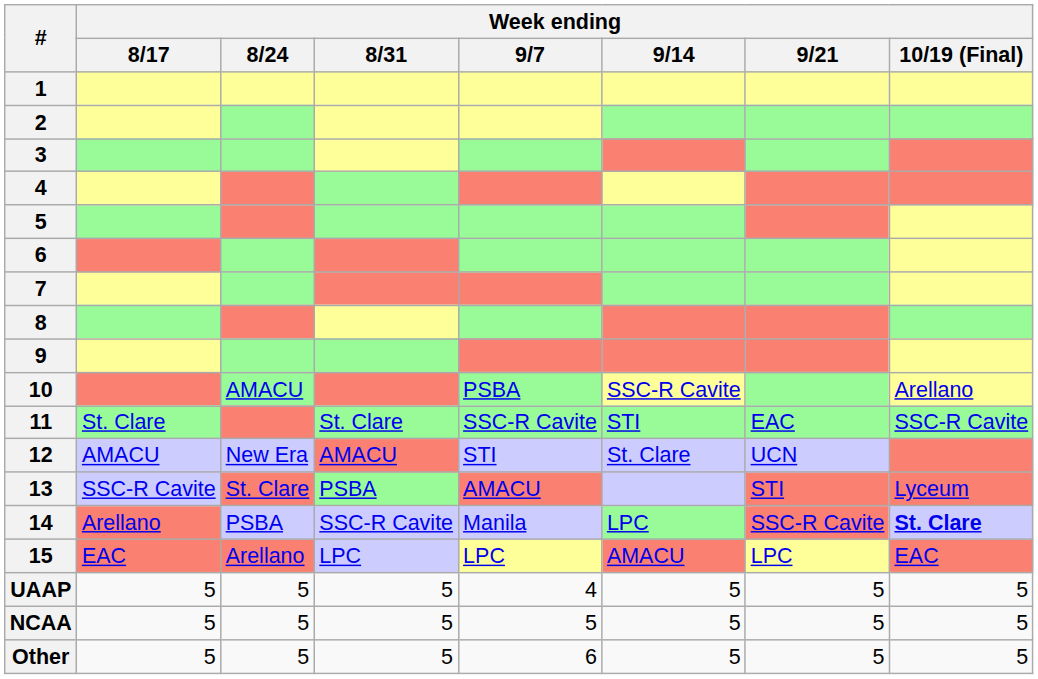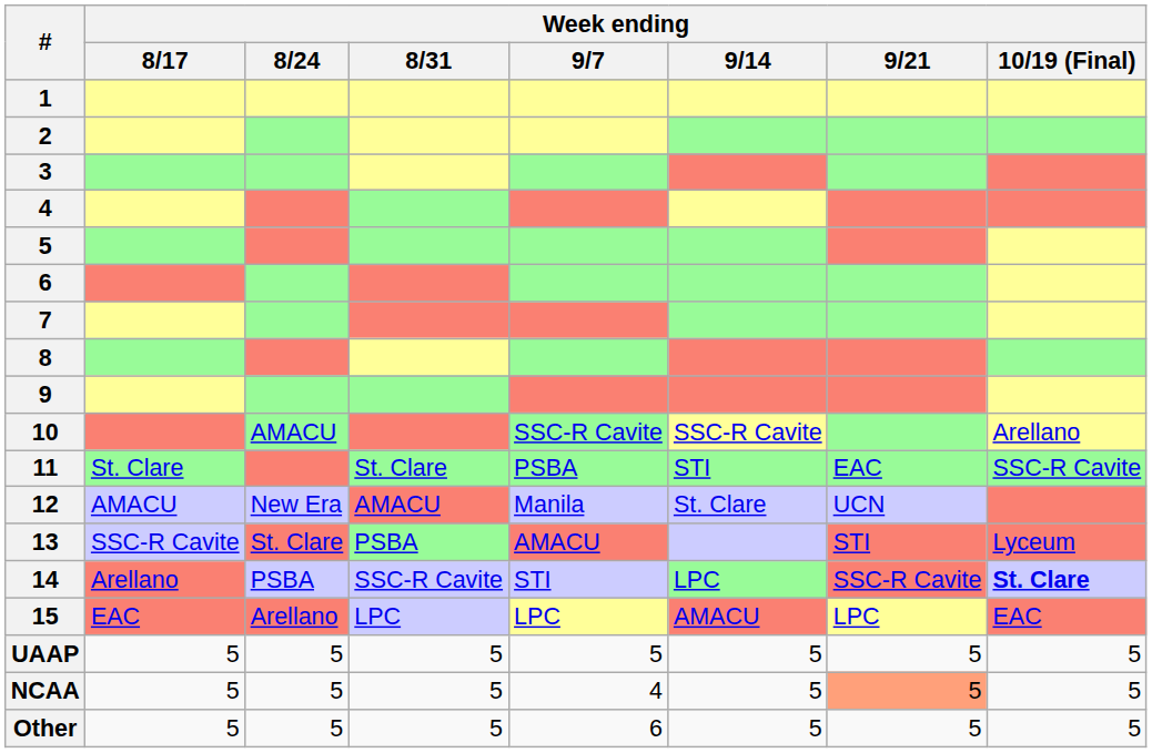 <table class=wikitable style="font-size:92%;">
 <tr>
 <th rowspan=2>#</th>
 <th colspan=8>Week ending</th>
 </tr>
 <tr>
 <th>8/17</th>
 <th>8/24</th>
 <th>8/31</th>
 <th>9/7</th>
 <th>9/14</th>
 <th>9/21</th>
 <th>10/19 (Final)</th>
 </tr>
 <tr>
 <th>1</th>
 <td bgcolor="#ffff99"></td>
 <td bgcolor="#ffff99"></td>
 <td bgcolor="#ffff99"></td>
 <td bgcolor="#ffff99"></td>
 <td bgcolor="#ffff99"></td>
 <td bgcolor="#ffff99"></td>
 <td bgcolor="#ffff99"></td>
 </tr>
 <tr>
 <th>2</th>
 <td bgcolor="#ffff99"></td>
 <td bgcolor="#98fb98"></td>
 <td bgcolor="#ffff99"></td>
 <td bgcolor="#ffff99"></td>
 <td bgcolor="#98fb98"></td>
 <td bgcolor="#98fb98"></td>
 <td bgcolor="#98fb98"></td>
 </tr>
 <tr>
 <th>3</th>
 <td bgcolor="#98fb98"></td>
 <td bgcolor="#98fb98"></td>
 <td bgcolor="#ffff99"></td>
 <td bgcolor="#98fb98"></td>
 <td bgcolor="#fa8072"></td>
 <td bgcolor="#98fb98"></td>
 <td bgcolor="#fa8072"></td>
 </tr>
 <tr>
 <th>4</th>
 <td bgcolor="#ffff99"></td>
 <td bgcolor="#fa8072"></td>
 <td bgcolor="#98fb98"></td>
 <td bgcolor="#fa8072"></td>
 <td bgcolor="#ffff99"></td>
 <td bgcolor="#fa8072"></td>
 <td bgcolor="#fa8072"></td>
 </tr>
 <tr>
 <th>5</th>
 <td bgcolor="#98fb98"></td>
 <td bgcolor="#fa8072"></td>
 <td bgcolor="#98fb98"></td>
 <td bgcolor="#98fb98"></td>
 <td bgcolor="#98fb98"></td>
 <td bgcolor="#fa8072"></td>
 <td bgcolor="#ffff99"></td>
 </tr>
 <tr>
 <th>6</th>
 <td bgcolor="#fa8072"></td>
 <td bgcolor="#98fb98"></td>
 <td bgcolor="#fa8072"></td>
 <td bgcolor="#98fb98"></td>
 <td bgcolor="#98fb98"></td>
 <td bgcolor="#98fb98"></td>
 <td bgcolor="#ffff99"></td>
 </tr>
 <tr>
 <th>7</th>
 <td bgcolor="#ffff99"></td>
 <td bgcolor="#98fb98"></td>
 <td bgcolor="#fa8072"></td>
 <td bgcolor="#fa8072"></td>
 <td bgcolor="#98fb98"></td>
 <td bgcolor="#98fb98"></td>
 <td bgcolor="#ffff99"></td>
 </tr>
 <tr>
 <th>8</th>
 <td bgcolor="#98fb98"></td>
 <td bgcolor="#fa8072"></td>
 <td bgcolor="#ffff99"></td>
 <td bgcolor="#98fb98"></td>
 <td bgcolor="#fa8072"></td>
 <td bgcolor="#fa8072"></td>
 <td bgcolor="#98fb98"></td>
 </tr>
 <tr>
 <th>9</th>
 <td bgcolor="#ffff99"></td>
 <td bgcolor="#98fb98"></td>
 <td bgcolor="#98fb98"></td>
 <td bgcolor="#fa8072"></td>
 <td bgcolor="#fa8072"></td>
 <td bgcolor="#fa8072"></td>
 <td bgcolor="#ffff99"></td>
 </tr>
 <tr>
 <th>10</th>
 <td bgcolor="#fa8072"></td>
 <td bgcolor="#98fb98"> <a href='#'>AMACU</a></td>
 <td bgcolor="#fa8072"></td>
-<td bgcolor="#98fb98"> <a href='#'>PSBA</a></td>
+<td bgcolor="#98fb98"> <a href='#'>SSC-R Cavite</a></td>
 <td bgcolor="#ffff99"> <a href='#'>SSC-R Cavite</a></td>
 <td bgcolor="#98fb98"></td>
 <td bgcolor="#ffff99"> <a href='#'>Arellano</a></td>
 </tr>
 <tr>
 <th>11</th>
 <td bgcolor="#98fb98"> <a href='#'>St. Clare</a></td>
 <td bgcolor="#fa8072"></td>
 <td bgcolor="#98fb98"> <a href='#'>St. Clare</a></td>
-<td bgcolor="#98fb98"> <a href='#'>SSC-R Cavite</a></td>
+<td bgcolor="#98fb98"> <a href='#'>PSBA</a></td>
 <td bgcolor="#98fb98"> <a href='#'>STI</a></td>
 <td bgcolor="#98fb98"> <a href='#'>EAC</a></td>
 <td bgcolor="#98fb98"> <a href='#'>SSC-R Cavite</a></td>
 </tr>
 <tr>
 <th>12</th>
 <td bgcolor="#CCCCFF"> <a href='#'>AMACU</a></td>
 <td bgcolor="#CCCCFF"> <a href='#'>New Era</a></td>
 <td bgcolor="#fa8072"> <a href='#'>AMACU</a></td>
-<td bgcolor="#CCCCFF"> <a href='#'>STI</a></td>
+<td bgcolor="#CCCCFF"> <a href='#'>Manila</a></td>
 <td bgcolor="#CCCCFF"> <a href='#'>St. Clare</a></td>
 <td bgcolor="#CCCCFF"> <a href='#'>UCN</a></td>
 <td bgcolor="#fa8072"></td>
 </tr>
 <tr>
 <th>13</th>
 <td bgcolor="#CCCCFF"> <a href='#'>SSC-R Cavite</a></td>
 <td bgcolor="#fa8072"> <a href='#'>St. Clare</a></td>
 <td bgcolor="#98fb98"> <a href='#'>PSBA</a></td>
 <td bgcolor="#fa8072"> <a href='#'>AMACU</a></td>
 <td bgcolor="#CCCCFF"></td>
 <td bgcolor="#fa8072"> <a href='#'>STI</a></td>
 <td bgcolor="#fa8072"> <a href='#'>Lyceum</a></td>
 </tr>
 <tr>
 <th>14</th>
 <td bgcolor="#fa8072"> <a href='#'>Arellano</a></td>
 <td bgcolor="#CCCCFF"> <a href='#'>PSBA</a></td>
 <td bgcolor="#CCCCFF"> <a href='#'>SSC-R Cavite</a></td>
-<td bgcolor="#CCCCFF"> <a href='#'>Manila</a></td>
+<td bgcolor="#CCCCFF"> <a href='#'>STI</a></td>
 <td bgcolor="#98fb98"> <a href='#'>LPC</a></td>
 <td bgcolor="#fa8072"> <a href='#'>SSC-R Cavite</a></td>
 <td bgcolor="#CCCCFF"><strong> <a href='#'>St. Clare</a></strong></td>
 </tr>
 <tr>
 <th>15</th>
 <td bgcolor="#fa8072"> <a href='#'>EAC</a></td>
 <td bgcolor="#fa8072"> <a href='#'>Arellano</a></td>
 <td bgcolor="#CCCCFF"> <a href='#'>LPC</a></td>
 <td bgcolor="#ffff99"> <a href='#'>LPC</a></td>
 <td bgcolor="#fa8072"> <a href='#'>AMACU</a></td>
 <td bgcolor="#ffff99"> <a href='#'>LPC</a></td>
 <td bgcolor="#fa8072"> <a href='#'>EAC</a></td>
 </tr>
 <tr style ="text-align:right;">
 <th>UAAP</th>
 <td>5</td>
 <td>5</td>
 <td>5</td>
-<td>4</td>
+<td>5</td>
 <td>5</td>
 <td>5</td>
 <td>5</td>
 </tr>
 <tr style ="text-align:right;">
 <th>NCAA</th>
 <td>5</td>
 <td>5</td>
 <td>5</td>
+<td>4</td>
 <td>5</td>
-<td>5</td>
-<td>5</td>
+<td style="background: lightsalmon;">5</td>
 <td>5</td>
 </tr>
 <tr style ="text-align:right;">
 <th>Other</th>
 <td>5</td>
 <td>5</td>
 <td>5</td>
 <td>6</td>
 <td>5</td>
 <td>5</td>
 <td>5</td>
 </tr>
 </table>
